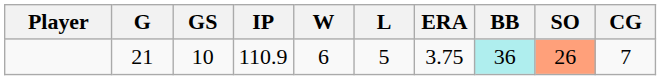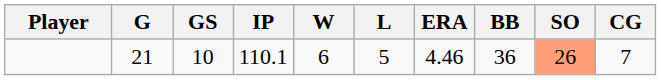 <table class="wikitable sortable">
 <tr>
 <th bgcolor="#DDDDFF" width="16%">Player</th>
 <th bgcolor="#DDDDFF" width="9%">G</th>
 <th bgcolor="#DDDDFF" width="9%">GS</th>
 <th bgcolor="#DDDDFF" width="9%">IP</th>
 <th bgcolor="#DDDDFF" width="9%">W</th>
 <th bgcolor="#DDDDFF" width="9%">L</th>
 <th bgcolor="#DDDDFF" width="9%">ERA</th>
 <th bgcolor="#DDDDFF" width="9%">BB</th>
 <th bgcolor="#DDDDFF" width="9%">SO</th>
 <th bgcolor="#DDDDFF" width="9%">CG</th>
 </tr>
 <tr align="center">
 <td></td>
 <td>21</td>
 <td>10</td>
-<td>110.9</td>
+<td>110.1</td>
 <td>6</td>
 <td>5</td>
-<td>3.75</td>
-<td style="background: paleturquoise;">36</td>
+<td>4.46</td>
+<td>36</td>
 <td style="background: lightsalmon;">26</td>
 <td>7</td>
 </tr>
 </table>
